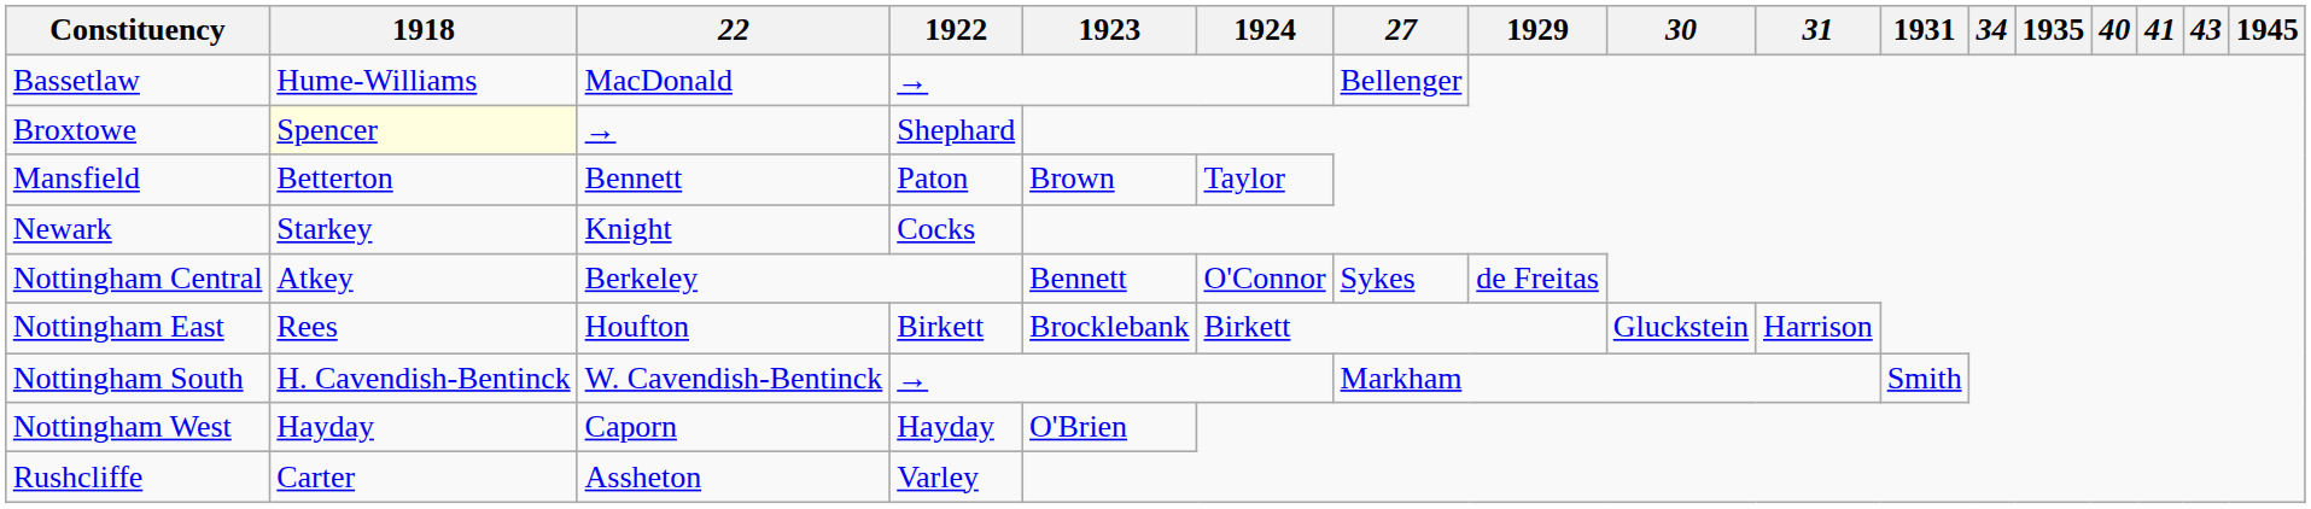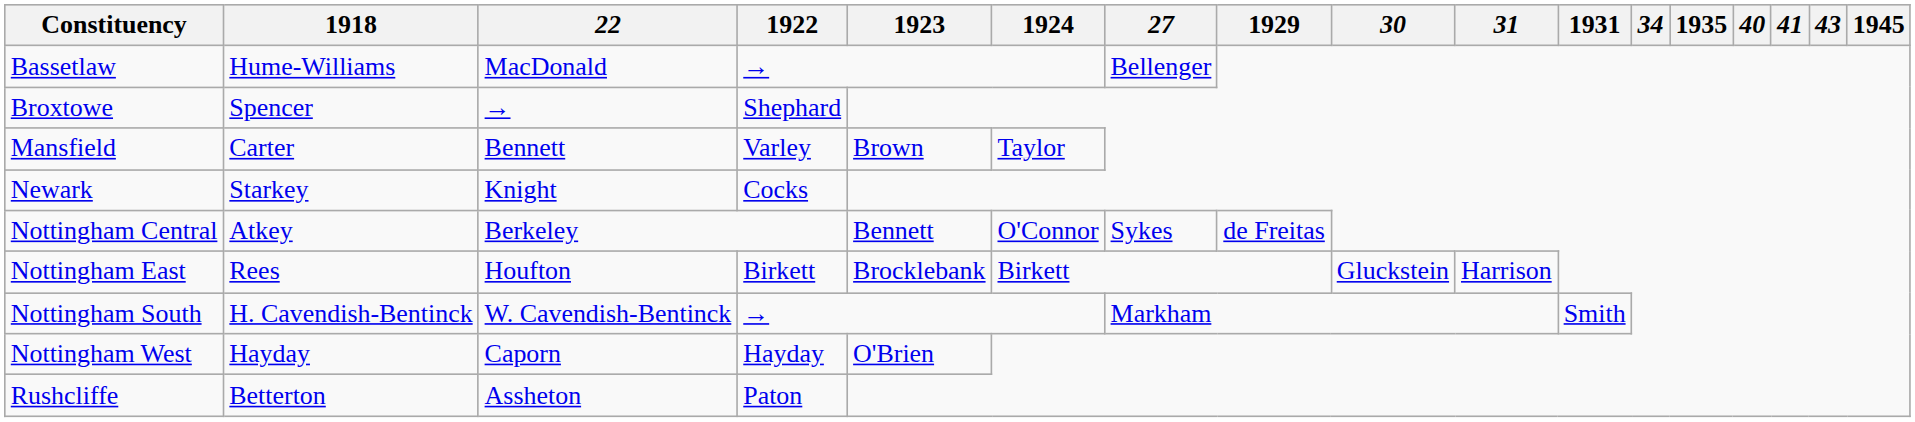 <table class="wikitable">
 <tr>
 <th>Constituency</th>
 <th>1918</th>
 <th><em>22</em></th>
 <th>1922</th>
 <th>1923</th>
 <th>1924</th>
 <th><em>27</em></th>
 <th>1929</th>
 <th><em>30</em></th>
 <th><em>31</em></th>
 <th>1931</th>
 <th><em>34</em></th>
 <th>1935</th>
 <th><em>40</em></th>
 <th><em>41</em></th>
 <th><em>43</em></th>
 <th>1945</th>
 </tr>
 <tr>
 <td><a href='#'>Bassetlaw</a></td>
 <td><a href='#'>Hume-Williams</a></td>
 <td><a href='#'>MacDonald</a></td>
 <td colspan="3"><a href='#'>→</a></td>
 <td><a href='#'>Bellenger</a></td>
 </tr>
 <tr>
 <td><a href='#'>Broxtowe</a></td>
-<td style="background: lightyellow;"><a href='#'>Spencer</a></td>
+<td><a href='#'>Spencer</a></td>
 <td><a href='#'>→</a></td>
 <td><a href='#'>Shephard</a></td>
 </tr>
 <tr>
 <td><a href='#'>Mansfield</a></td>
-<td><a href='#'>Betterton</a></td>
+<td><a href='#'>Carter</a></td>
 <td><a href='#'>Bennett</a></td>
-<td><a href='#'>Paton</a></td>
+<td><a href='#'>Varley</a></td>
 <td><a href='#'>Brown</a></td>
 <td><a href='#'>Taylor</a></td>
 </tr>
 <tr>
 <td><a href='#'>Newark</a></td>
 <td><a href='#'>Starkey</a></td>
 <td><a href='#'>Knight</a></td>
 <td><a href='#'>Cocks</a></td>
 </tr>
 <tr>
 <td><a href='#'>Nottingham Central</a></td>
 <td><a href='#'>Atkey</a></td>
 <td colspan="2"><a href='#'>Berkeley</a></td>
 <td><a href='#'>Bennett</a></td>
 <td><a href='#'>O'Connor</a></td>
 <td><a href='#'>Sykes</a></td>
 <td><a href='#'>de Freitas</a></td>
 </tr>
 <tr>
 <td><a href='#'>Nottingham East</a></td>
 <td><a href='#'>Rees</a></td>
 <td><a href='#'>Houfton</a></td>
 <td><a href='#'>Birkett</a></td>
 <td><a href='#'>Brocklebank</a></td>
 <td colspan="3"><a href='#'>Birkett</a></td>
 <td><a href='#'>Gluckstein</a></td>
 <td><a href='#'>Harrison</a></td>
 </tr>
 <tr>
 <td><a href='#'>Nottingham South</a></td>
 <td><a href='#'>H. Cavendish-Bentinck</a></td>
 <td><a href='#'>W. Cavendish-Bentinck</a></td>
 <td colspan="3"><a href='#'>→</a></td>
 <td colspan="4"><a href='#'>Markham</a></td>
 <td><a href='#'>Smith</a></td>
 </tr>
 <tr>
 <td><a href='#'>Nottingham West</a></td>
 <td><a href='#'>Hayday</a></td>
 <td><a href='#'>Caporn</a></td>
 <td><a href='#'>Hayday</a></td>
 <td><a href='#'>O'Brien</a></td>
 </tr>
 <tr>
 <td><a href='#'>Rushcliffe</a></td>
-<td><a href='#'>Carter</a></td>
+<td><a href='#'>Betterton</a></td>
 <td><a href='#'>Assheton</a></td>
-<td><a href='#'>Varley</a></td>
+<td><a href='#'>Paton</a></td>
 </tr>
 </table>
